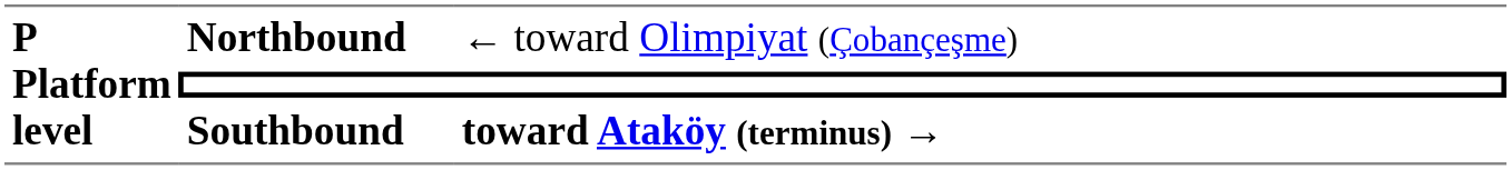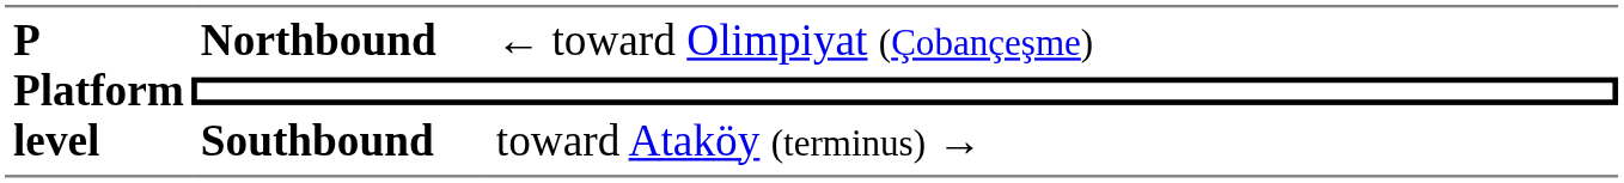 <table table border=0 cellspacing=0 cellpadding=3>
 <tr>
 <td style="border-top:solid 1px gray;border-bottom:solid 1px gray;" width=50 rowspan=3 valign=top><strong>P<br>Platform level</strong></td>
 <td style="border-top:solid 1px gray;" width=100><strong>Northbound</strong></td>
 <td style="border-top:solid 1px gray;" width=400>←  toward <a href='#'>Olimpiyat</a> <small>(<a href='#'>Çobançeşme</a>)</small></td>
 </tr>
 <tr>
 <td style="border-top:solid 2px black;border-right:solid 2px black;border-left:solid 2px black;border-bottom:solid 2px black;text-align:center;" colspan=2></td>
 </tr>
 <tr>
 <td style="border-bottom:solid 1px gray;"><strong>Southbound</strong></td>
-<td style="border-bottom:solid 1px gray;"><strong> toward <a href='#'>Ataköy</a> <small>(terminus)</small> →</strong></td>
+<td style="border-bottom:solid 1px gray;"> toward <a href='#'>Ataköy</a> <small>(terminus)</small> →</td>
 </tr>
 </table>
